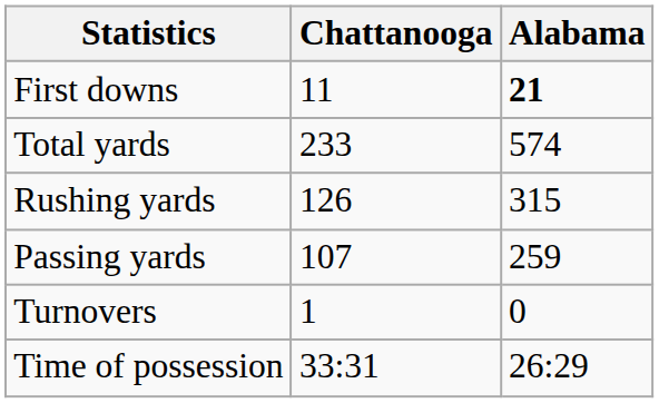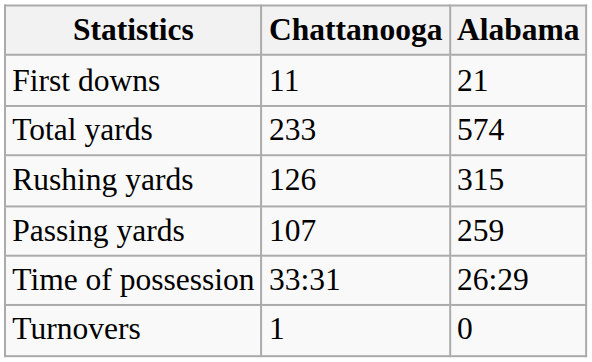 <table class="wikitable" style="float: left;">
 <tr>
 <th>Statistics</th>
 <th>Chattanooga</th>
 <th>Alabama</th>
 </tr>
 <tr>
 <td>First downs</td>
 <td>11</td>
-<td><strong>21</strong></td>
+<td>21</td>
 </tr>
 <tr>
 <td>Total yards</td>
 <td>233</td>
 <td>574</td>
 </tr>
 <tr>
 <td>Rushing yards</td>
 <td>126</td>
 <td>315</td>
 </tr>
 <tr>
 <td>Passing yards</td>
 <td>107</td>
 <td>259</td>
 </tr>
 <tr>
+<td>Time of possession</td>
+<td>33:31</td>
+<td>26:29</td>
+</tr>
+<tr>
 <td>Turnovers</td>
 <td>1</td>
 <td>0</td>
 </tr>
-<tr>
-<td>Time of possession</td>
-<td>33:31</td>
-<td>26:29</td>
-</tr>
 </table>
